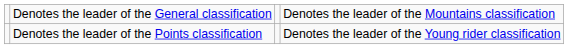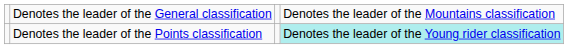 <table class="wikitable">
 <tr>
 <td></td>
 <td>Denotes the leader of the <a href='#'>General classification</a></td>
 <td></td>
 <td>Denotes the leader of the <a href='#'>Mountains classification</a></td>
 </tr>
 <tr>
 <td></td>
 <td>Denotes the leader of the <a href='#'>Points classification</a></td>
 <td></td>
-<td>Denotes the leader of the <a href='#'>Young rider classification</a></td>
+<td style="background: paleturquoise;">Denotes the leader of the <a href='#'>Young rider classification</a></td>
 </tr>
 </table>
